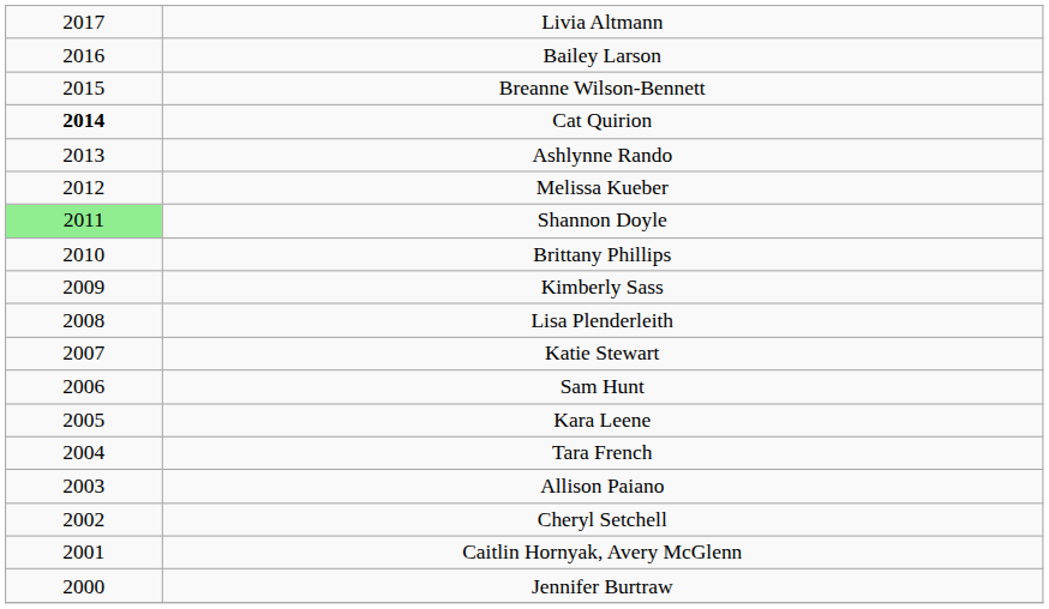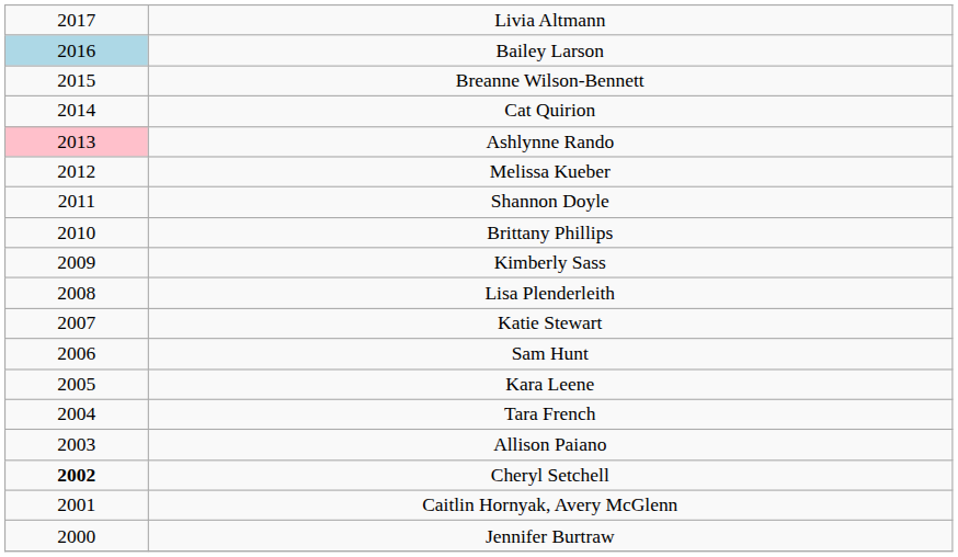 <table class="wikitable" style="width:40%; text-align:center;">
 <tr>
 <td>2017</td>
 <td>Livia Altmann</td>
 </tr>
 <tr>
-<td>2016</td>
+<td style="background: lightblue;">2016</td>
 <td>Bailey Larson</td>
 </tr>
 <tr>
 <td>2015</td>
 <td>Breanne Wilson-Bennett</td>
 </tr>
 <tr>
-<td><strong>2014</strong></td>
+<td>2014</td>
 <td>Cat Quirion</td>
 </tr>
 <tr>
-<td>2013</td>
+<td style="background: pink;">2013</td>
 <td>Ashlynne Rando</td>
 </tr>
 <tr>
 <td>2012</td>
 <td>Melissa Kueber</td>
 </tr>
 <tr>
-<td style="background: lightgreen;">2011</td>
+<td>2011</td>
 <td>Shannon Doyle</td>
 </tr>
 <tr>
 <td>2010</td>
 <td>Brittany Phillips</td>
 </tr>
 <tr>
 <td>2009</td>
 <td>Kimberly Sass</td>
 </tr>
 <tr>
 <td>2008</td>
 <td>Lisa Plenderleith</td>
 </tr>
 <tr>
 <td>2007</td>
 <td>Katie Stewart</td>
 </tr>
 <tr>
 <td>2006</td>
 <td>Sam Hunt</td>
 </tr>
 <tr>
 <td>2005</td>
 <td>Kara Leene</td>
 </tr>
 <tr>
 <td>2004</td>
 <td>Tara French</td>
 </tr>
 <tr>
 <td>2003</td>
 <td>Allison Paiano</td>
 </tr>
 <tr>
-<td>2002</td>
+<td><strong>2002</strong></td>
 <td>Cheryl Setchell</td>
 </tr>
 <tr>
 <td>2001</td>
 <td>Caitlin Hornyak, Avery McGlenn</td>
 </tr>
 <tr>
 <td>2000</td>
 <td>Jennifer Burtraw</td>
 </tr>
 <tr>
 </tr>
 </table>
